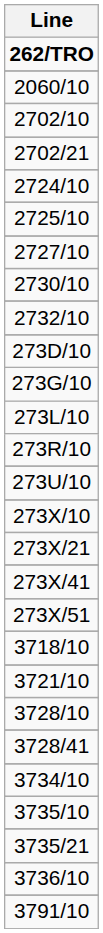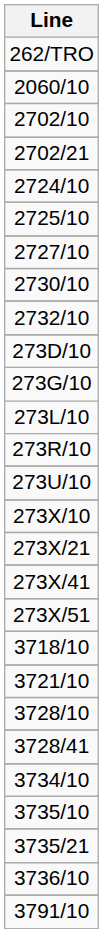 <table class="wikitable">
 <tr>
 <th align="center">Line</th>
 </tr>
 <tr>
-<td align="center"><strong>262/TRO</strong></td>
+<td align="center">262/TRO</td>
 </tr>
 <tr>
 </tr>
 <tr>
 <td align="center">2060/10</td>
 </tr>
 <tr>
 </tr>
 <tr>
 <td align="center">2702/10</td>
 </tr>
 <tr>
 </tr>
 <tr>
 <td align="center">2702/21</td>
 </tr>
 <tr>
 </tr>
 <tr>
 <td align="center">2724/10</td>
 </tr>
 <tr>
 </tr>
 <tr>
 <td align="center">2725/10</td>
 </tr>
 <tr>
 </tr>
 <tr>
 <td align="center">2727/10</td>
 </tr>
 <tr>
 </tr>
 <tr>
 <td align="center">2730/10</td>
 </tr>
 <tr>
 </tr>
 <tr>
 <td align="center">2732/10</td>
 </tr>
 <tr>
 </tr>
 <tr>
 <td align="center">273D/10</td>
 </tr>
 <tr>
 <td align="center">273G/10</td>
 </tr>
 <tr>
 <td align="center">273L/10</td>
 </tr>
 <tr>
 <td align="center">273R/10</td>
 </tr>
 <tr>
 </tr>
 <tr>
 <td align="center">273U/10</td>
 </tr>
 <tr>
 </tr>
 <tr>
 <td align="center">273X/10</td>
 </tr>
 <tr>
 </tr>
 <tr>
 <td align="center">273X/21</td>
 </tr>
 <tr>
 </tr>
 <tr>
 <td align="center">273X/41</td>
 </tr>
 <tr>
 </tr>
 <tr>
 <td align="center">273X/51</td>
 </tr>
 <tr>
 </tr>
 <tr>
 <td align="center">3718/10</td>
 </tr>
 <tr>
 </tr>
 <tr>
 <td align="center">3721/10</td>
 </tr>
 <tr>
 </tr>
 <tr>
 <td align="center">3728/10</td>
 </tr>
 <tr>
 </tr>
 <tr>
 <td align="center">3728/41</td>
 </tr>
 <tr>
 </tr>
 <tr>
 <td align="center">3734/10</td>
 </tr>
 <tr>
 </tr>
 <tr>
 <td align="center">3735/10</td>
 </tr>
 <tr>
 </tr>
 <tr>
 <td align="center">3735/21</td>
 </tr>
 <tr>
 </tr>
 <tr>
 <td align="center">3736/10</td>
 </tr>
 <tr>
 </tr>
 <tr>
 <td align="center">3791/10</td>
 </tr>
 <tr>
 </tr>
 </table>
